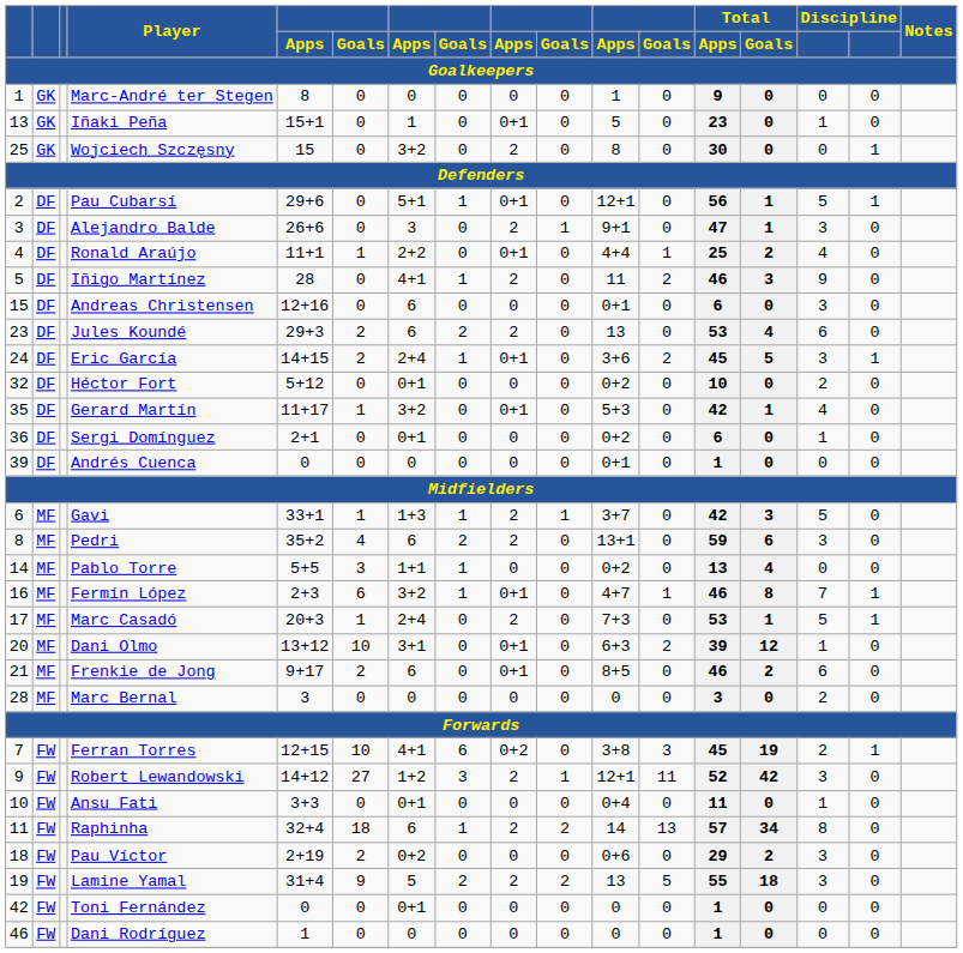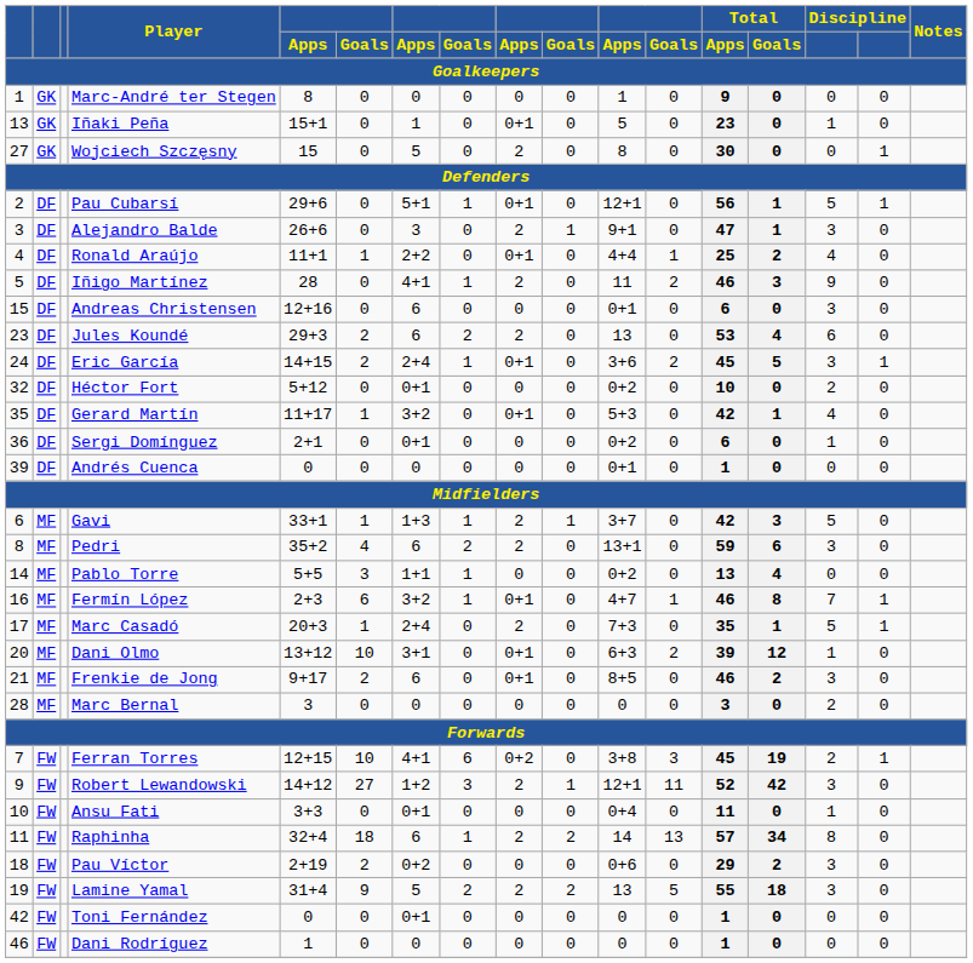 <table class="wikitable sortable" style="text-align:center">
 <tr>
 <th rowspan="2" style="background:#26559B;color:#FFF000;"></th>
 <th rowspan="2" style="background:#26559B;color:#FFF000;"></th>
 <th rowspan="2" style="background:#26559B;color:#FFF000;"></th>
 <th rowspan="2" style="background:#26559B;color:#FFF000;">Player</th>
 <th colspan="2" style="background:#26559B;color:#FFF000;"></th>
 <th colspan="2" style="background:#26559B;color:#FFF000;"></th>
 <th colspan="2" style="background:#26559B;color:#FFF000;"></th>
 <th colspan="2" style="background:#26559B;color:#FFF000;"></th>
 <th colspan="2" style="background:#26559B;color:#FFF000;">Total</th>
 <th colspan="2" style="background:#26559B;color:#FFF000;">Discipline</th>
 <th rowspan="2" style="background:#26559B;color:#FFF000;">Notes</th>
 </tr>
 <tr>
 <th style="background:#26559B;color:#FFF000;">Apps</th>
 <th style="background:#26559B;color:#FFF000;">Goals</th>
 <th style="background:#26559B;color:#FFF000;">Apps</th>
 <th style="background:#26559B;color:#FFF000;">Goals</th>
 <th style="background:#26559B;color:#FFF000;">Apps</th>
 <th style="background:#26559B;color:#FFF000;">Goals</th>
 <th style="background:#26559B;color:#FFF000;">Apps</th>
 <th style="background:#26559B;color:#FFF000;">Goals</th>
 <th style="background:#26559B;color:#FFF000;">Apps</th>
 <th style="background:#26559B;color:#FFF000;">Goals</th>
 <th style="background:#26559B;color:#FFF000;"></th>
 <th style="background:#26559B;color:#FFF000;"></th>
 </tr>
 <tr>
 <th colspan="17" style="background:#26559B;color:#FFF000;"><em>Goalkeepers</em></th>
 </tr>
 <tr>
 <td>1</td>
 <td><a href='#'>GK</a></td>
 <td></td>
 <td style="text-align:left"><a href='#'>Marc-André ter Stegen</a></td>
 <td>8</td>
 <td>0</td>
 <td>0</td>
 <td>0</td>
 <td>0</td>
 <td>0</td>
 <td>1</td>
 <td>0</td>
 <th>9</th>
 <th>0</th>
 <td>0</td>
 <td>0</td>
 <td></td>
 </tr>
 <tr>
 <td>13</td>
 <td><a href='#'>GK</a></td>
 <td></td>
 <td style="text-align:left"><a href='#'>Iñaki Peña</a></td>
 <td>15+1</td>
 <td>0</td>
 <td>1</td>
 <td>0</td>
 <td>0+1</td>
 <td>0</td>
 <td>5</td>
 <td>0</td>
 <th>23</th>
 <th>0</th>
 <td>1</td>
 <td>0</td>
 <td></td>
 </tr>
 <tr>
-<td>25</td>
+<td>27</td>
 <td><a href='#'>GK</a></td>
 <td></td>
 <td style="text-align:left"><a href='#'>Wojciech Szczęsny</a></td>
 <td>15</td>
 <td>0</td>
-<td>3+2</td>
+<td>5</td>
 <td>0</td>
 <td>2</td>
 <td>0</td>
 <td>8</td>
 <td>0</td>
 <th>30</th>
 <th>0</th>
 <td>0</td>
 <td>1</td>
 <td></td>
 </tr>
 <tr>
 <th colspan="17" style="background:#26559B;color:#FFF000;"><em>Defenders</em></th>
 </tr>
 <tr>
 <td>2</td>
 <td><a href='#'>DF</a></td>
 <td></td>
 <td style="text-align:left"><a href='#'>Pau Cubarsí</a></td>
 <td>29+6</td>
 <td>0</td>
 <td>5+1</td>
 <td>1</td>
 <td>0+1</td>
 <td>0</td>
 <td>12+1</td>
 <td>0</td>
 <th>56</th>
 <th>1</th>
 <td>5</td>
 <td>1</td>
 <td></td>
 </tr>
 <tr>
 <td>3</td>
 <td><a href='#'>DF</a></td>
 <td></td>
 <td style="text-align:left"><a href='#'>Alejandro Balde</a></td>
 <td>26+6</td>
 <td>0</td>
 <td>3</td>
 <td>0</td>
 <td>2</td>
 <td>1</td>
 <td>9+1</td>
 <td>0</td>
 <th>47</th>
 <th>1</th>
 <td>3</td>
 <td>0</td>
 <td></td>
 </tr>
 <tr>
 <td>4</td>
 <td><a href='#'>DF</a></td>
 <td></td>
 <td style="text-align:left"><a href='#'>Ronald Araújo</a></td>
 <td>11+1</td>
 <td>1</td>
 <td>2+2</td>
 <td>0</td>
 <td>0+1</td>
 <td>0</td>
 <td>4+4</td>
 <td>1</td>
 <th>25</th>
 <th>2</th>
 <td>4</td>
 <td>0</td>
 <td></td>
 </tr>
 <tr>
 <td>5</td>
 <td><a href='#'>DF</a></td>
 <td></td>
 <td style="text-align:left"><a href='#'>Iñigo Martínez</a></td>
 <td>28</td>
 <td>0</td>
 <td>4+1</td>
 <td>1</td>
 <td>2</td>
 <td>0</td>
 <td>11</td>
 <td>2</td>
 <th>46</th>
 <th>3</th>
 <td>9</td>
 <td>0</td>
 <td></td>
 </tr>
 <tr>
 <td>15</td>
 <td><a href='#'>DF</a></td>
 <td></td>
 <td style="text-align:left"><a href='#'>Andreas Christensen</a></td>
 <td>12+16</td>
 <td>0</td>
 <td>6</td>
 <td>0</td>
 <td>0</td>
 <td>0</td>
 <td>0+1</td>
 <td>0</td>
 <th>6</th>
 <th>0</th>
 <td>3</td>
 <td>0</td>
 <td></td>
 </tr>
 <tr>
 <td>23</td>
 <td><a href='#'>DF</a></td>
 <td></td>
 <td style="text-align:left"><a href='#'>Jules Koundé</a></td>
 <td>29+3</td>
 <td>2</td>
 <td>6</td>
 <td>2</td>
 <td>2</td>
 <td>0</td>
 <td>13</td>
 <td>0</td>
 <th>53</th>
 <th>4</th>
 <td>6</td>
 <td>0</td>
 <td></td>
 </tr>
 <tr>
 <td>24</td>
 <td><a href='#'>DF</a></td>
 <td></td>
 <td style="text-align:left"><a href='#'>Eric García</a></td>
 <td>14+15</td>
 <td>2</td>
 <td>2+4</td>
 <td>1</td>
 <td>0+1</td>
 <td>0</td>
 <td>3+6</td>
 <td>2</td>
 <th>45</th>
 <th>5</th>
 <td>3</td>
 <td>1</td>
 <td></td>
 </tr>
 <tr>
 <td>32</td>
 <td><a href='#'>DF</a></td>
 <td></td>
 <td style="text-align:left"><a href='#'>Héctor Fort</a></td>
 <td>5+12</td>
 <td>0</td>
 <td>0+1</td>
 <td>0</td>
 <td>0</td>
 <td>0</td>
 <td>0+2</td>
 <td>0</td>
 <th>10</th>
 <th>0</th>
 <td>2</td>
 <td>0</td>
 <td></td>
 </tr>
 <tr>
 <td>35</td>
 <td><a href='#'>DF</a></td>
 <td></td>
 <td style="text-align:left"><a href='#'>Gerard Martín</a></td>
 <td>11+17</td>
 <td>1</td>
 <td>3+2</td>
 <td>0</td>
 <td>0+1</td>
 <td>0</td>
 <td>5+3</td>
 <td>0</td>
 <th>42</th>
 <th>1</th>
 <td>4</td>
 <td>0</td>
 <td></td>
 </tr>
 <tr>
 <td>36</td>
 <td><a href='#'>DF</a></td>
 <td></td>
 <td style="text-align:left"><a href='#'>Sergi Domínguez</a></td>
 <td>2+1</td>
 <td>0</td>
 <td>0+1</td>
 <td>0</td>
 <td>0</td>
 <td>0</td>
 <td>0+2</td>
 <td>0</td>
 <th>6</th>
 <th>0</th>
 <td>1</td>
 <td>0</td>
 <td></td>
 </tr>
 <tr>
 <td>39</td>
 <td><a href='#'>DF</a></td>
 <td></td>
 <td style="text-align:left"><a href='#'>Andrés Cuenca</a></td>
 <td>0</td>
 <td>0</td>
 <td>0</td>
 <td>0</td>
 <td>0</td>
 <td>0</td>
 <td>0+1</td>
 <td>0</td>
 <th>1</th>
 <th>0</th>
 <td>0</td>
 <td>0</td>
 <td></td>
 </tr>
 <tr>
 <th colspan="17" style="background:#26559B;color:#FFF000;"><em>Midfielders</em></th>
 </tr>
 <tr>
 <td>6</td>
 <td><a href='#'>MF</a></td>
 <td></td>
 <td style="text-align:left"><a href='#'>Gavi</a></td>
 <td>33+1</td>
 <td>1</td>
 <td>1+3</td>
 <td>1</td>
 <td>2</td>
 <td>1</td>
 <td>3+7</td>
 <td>0</td>
 <th>42</th>
 <th>3</th>
 <td>5</td>
 <td>0</td>
 <td></td>
 </tr>
 <tr>
 <td>8</td>
 <td><a href='#'>MF</a></td>
 <td></td>
 <td style="text-align:left"><a href='#'>Pedri</a></td>
 <td>35+2</td>
 <td>4</td>
 <td>6</td>
 <td>2</td>
 <td>2</td>
 <td>0</td>
 <td>13+1</td>
 <td>0</td>
 <th>59</th>
 <th>6</th>
 <td>3</td>
 <td>0</td>
 <td></td>
 </tr>
 <tr>
 <td>14</td>
 <td><a href='#'>MF</a></td>
 <td></td>
 <td style="text-align:left"><a href='#'>Pablo Torre</a></td>
 <td>5+5</td>
 <td>3</td>
 <td>1+1</td>
 <td>1</td>
 <td>0</td>
 <td>0</td>
 <td>0+2</td>
 <td>0</td>
 <th>13</th>
 <th>4</th>
 <td>0</td>
 <td>0</td>
 <td></td>
 </tr>
 <tr>
 <td>16</td>
 <td><a href='#'>MF</a></td>
 <td></td>
 <td style="text-align:left"><a href='#'>Fermín López</a></td>
 <td>2+3</td>
 <td>6</td>
 <td>3+2</td>
 <td>1</td>
 <td>0+1</td>
 <td>0</td>
 <td>4+7</td>
 <td>1</td>
 <th>46</th>
 <th>8</th>
 <td>7</td>
 <td>1</td>
 <td></td>
 </tr>
 <tr>
 <td>17</td>
 <td><a href='#'>MF</a></td>
 <td></td>
 <td style="text-align:left"><a href='#'>Marc Casadó</a></td>
 <td>20+3</td>
 <td>1</td>
 <td>2+4</td>
 <td>0</td>
 <td>2</td>
 <td>0</td>
 <td>7+3</td>
 <td>0</td>
-<th>53</th>
+<th>35</th>
 <th>1</th>
 <td>5</td>
 <td>1</td>
 <td></td>
 </tr>
 <tr>
 <td>20</td>
 <td><a href='#'>MF</a></td>
 <td></td>
 <td style="text-align:left"><a href='#'>Dani Olmo</a></td>
 <td>13+12</td>
 <td>10</td>
 <td>3+1</td>
 <td>0</td>
 <td>0+1</td>
 <td>0</td>
 <td>6+3</td>
 <td>2</td>
 <th>39</th>
 <th>12</th>
 <td>1</td>
 <td>0</td>
 <td></td>
 </tr>
 <tr>
 <td>21</td>
 <td><a href='#'>MF</a></td>
 <td></td>
 <td style="text-align:left"><a href='#'>Frenkie de Jong</a></td>
 <td>9+17</td>
 <td>2</td>
 <td>6</td>
 <td>0</td>
 <td>0+1</td>
 <td>0</td>
 <td>8+5</td>
 <td>0</td>
 <th>46</th>
 <th>2</th>
-<td>6</td>
+<td>3</td>
 <td>0</td>
 <td></td>
 </tr>
 <tr>
 <td>28</td>
 <td><a href='#'>MF</a></td>
 <td></td>
 <td style="text-align:left"><a href='#'>Marc Bernal</a></td>
 <td>3</td>
 <td>0</td>
 <td>0</td>
 <td>0</td>
 <td>0</td>
 <td>0</td>
 <td>0</td>
 <td>0</td>
 <th>3</th>
 <th>0</th>
 <td>2</td>
 <td>0</td>
 <td></td>
 </tr>
 <tr>
 <th colspan="17" style="background:#26559B;color:#FFF000;"><em>Forwards</em></th>
 </tr>
 <tr>
 <td>7</td>
 <td><a href='#'>FW</a></td>
 <td></td>
 <td style="text-align:left"><a href='#'>Ferran Torres</a></td>
 <td>12+15</td>
 <td>10</td>
 <td>4+1</td>
 <td>6</td>
 <td>0+2</td>
 <td>0</td>
 <td>3+8</td>
 <td>3</td>
 <th>45</th>
 <th>19</th>
 <td>2</td>
 <td>1</td>
 <td></td>
 </tr>
 <tr>
 <td>9</td>
 <td><a href='#'>FW</a></td>
 <td></td>
 <td style="text-align:left"><a href='#'>Robert Lewandowski</a></td>
 <td>14+12</td>
 <td>27</td>
 <td>1+2</td>
 <td>3</td>
 <td>2</td>
 <td>1</td>
 <td>12+1</td>
 <td>11</td>
 <th>52</th>
 <th>42</th>
 <td>3</td>
 <td>0</td>
 <td></td>
 </tr>
 <tr>
 <td>10</td>
 <td><a href='#'>FW</a></td>
 <td></td>
 <td style="text-align:left"><a href='#'>Ansu Fati</a></td>
 <td>3+3</td>
 <td>0</td>
 <td>0+1</td>
 <td>0</td>
 <td>0</td>
 <td>0</td>
 <td>0+4</td>
 <td>0</td>
 <th>11</th>
 <th>0</th>
 <td>1</td>
 <td>0</td>
 <td></td>
 </tr>
 <tr>
 <td>11</td>
 <td><a href='#'>FW</a></td>
 <td></td>
 <td style="text-align:left"><a href='#'>Raphinha</a></td>
 <td>32+4</td>
 <td>18</td>
 <td>6</td>
 <td>1</td>
 <td>2</td>
 <td>2</td>
 <td>14</td>
 <td>13</td>
 <th>57</th>
 <th>34</th>
 <td>8</td>
 <td>0</td>
 <td></td>
 </tr>
 <tr>
 <td>18</td>
 <td><a href='#'>FW</a></td>
 <td></td>
 <td style="text-align:left"><a href='#'>Pau Víctor</a></td>
 <td>2+19</td>
 <td>2</td>
 <td>0+2</td>
 <td>0</td>
 <td>0</td>
 <td>0</td>
 <td>0+6</td>
 <td>0</td>
 <th>29</th>
 <th>2</th>
 <td>3</td>
 <td>0</td>
 <td></td>
 </tr>
 <tr>
 <td>19</td>
 <td><a href='#'>FW</a></td>
 <td></td>
 <td style="text-align:left"><a href='#'>Lamine Yamal</a></td>
 <td>31+4</td>
 <td>9</td>
 <td>5</td>
 <td>2</td>
 <td>2</td>
 <td>2</td>
 <td>13</td>
 <td>5</td>
 <th>55</th>
 <th>18</th>
 <td>3</td>
 <td>0</td>
 <td></td>
 </tr>
 <tr>
 <td>42</td>
 <td><a href='#'>FW</a></td>
 <td></td>
 <td style="text-align:left"><a href='#'>Toni Fernández</a></td>
 <td>0</td>
 <td>0</td>
 <td>0+1</td>
 <td>0</td>
 <td>0</td>
 <td>0</td>
 <td>0</td>
 <td>0</td>
 <th>1</th>
 <th>0</th>
 <td>0</td>
 <td>0</td>
 <td></td>
 </tr>
 <tr>
 <td>46</td>
 <td><a href='#'>FW</a></td>
 <td></td>
 <td style="text-align:left"><a href='#'>Dani Rodríguez</a></td>
 <td>1</td>
 <td>0</td>
 <td>0</td>
 <td>0</td>
 <td>0</td>
 <td>0</td>
 <td>0</td>
 <td>0</td>
 <th>1</th>
 <th>0</th>
 <td>0</td>
 <td>0</td>
 <td></td>
 </tr>
 <tr>
 </tr>
 </table>
